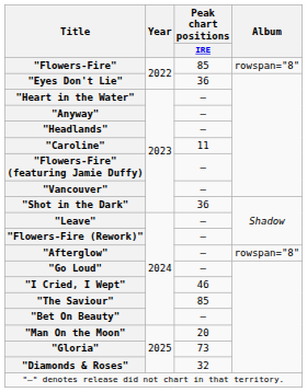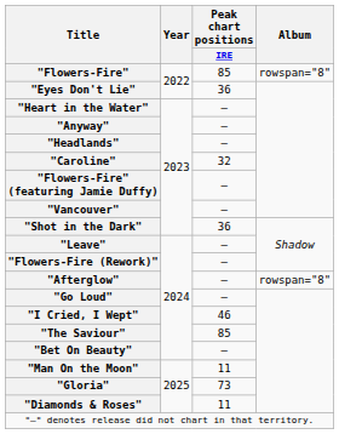 <table class="wikitable plainrowheaders" style="text-align:center;">
 <tr>
 <th scope="col" rowspan="2">Title</th>
 <th scope="col" rowspan="2">Year</th>
 <th scope="col" colspan="1">Peak chart positions</th>
 <th scope="col" rowspan="2">Album</th>
 </tr>
 <tr>
 <th scope="col" style="width:3em;font-size:85%"><a href='#'>IRE</a><br></th>
 </tr>
 <tr>
 <th scope="row">"Flowers-Fire"</th>
 <td rowspan="2">2022</td>
 <td>85</td>
 <td>rowspan="8" </td>
 </tr>
 <tr>
 <th scope="row">"Eyes Don't Lie"</th>
 <td>36</td>
 </tr>
 <tr>
 <th scope="row">"Heart in the Water"</th>
 <td rowspan="7">2023</td>
 <td>—</td>
 </tr>
 <tr>
 <th scope="row">"Anyway"</th>
 <td>—</td>
 </tr>
 <tr>
 <th scope="row">"Headlands"</th>
 <td>—</td>
 </tr>
 <tr>
 <th scope="row">"Caroline"</th>
-<td>11</td>
+<td>32</td>
 </tr>
 <tr>
 <th scope="row">"Flowers-Fire"<br><span>(featuring Jamie Duffy)</span></th>
 <td>—</td>
 </tr>
 <tr>
 <th scope="row">"Vancouver"</th>
 <td>—</td>
 </tr>
 <tr>
 <th scope="row">"Shot in the Dark"</th>
 <td>36</td>
 <td rowspan="3"><em>Shadow</em></td>
 </tr>
 <tr>
 <th scope="row">"Leave"</th>
 <td rowspan="7">2024</td>
 <td>—</td>
 </tr>
 <tr>
 <th scope="row">"Flowers-Fire (Rework)"</th>
 <td>—</td>
 </tr>
 <tr>
 <th scope="row">"Afterglow"</th>
 <td>—</td>
 <td>rowspan="8" </td>
 </tr>
 <tr>
 <th scope="row">"Go Loud"</th>
 <td>—</td>
 </tr>
 <tr>
 <th scope="row">"I Cried, I Wept"</th>
 <td>46</td>
 </tr>
 <tr>
 <th scope="row">"The Saviour"</th>
 <td>85</td>
 </tr>
 <tr>
 <th scope="row">"Bet On Beauty"</th>
 <td>—</td>
 </tr>
 <tr>
 <th scope="row">"Man On the Moon"</th>
 <td rowspan="3">2025</td>
-<td>20</td>
+<td>11</td>
 </tr>
 <tr>
 <th scope="row">"Gloria"</th>
 <td>73</td>
 </tr>
 <tr>
 <th scope="row">"Diamonds & Roses"</th>
-<td>32</td>
+<td>11</td>
 </tr>
 <tr>
 <td colspan="4" style="font-size:85%">"—" denotes release did not chart in that territory.</td>
 </tr>
 </table>
